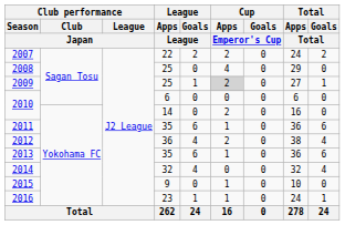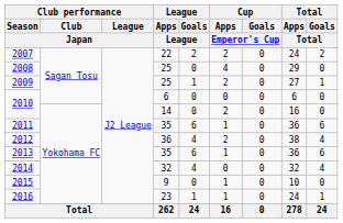 <table class="wikitable" style="text-align:center;">
 <tr>
 <th colspan=3>Club performance</th>
 <th colspan=2>League</th>
 <th colspan=2>Cup</th>
 <th colspan=2>Total</th>
 </tr>
 <tr>
 <th>Season</th>
 <th>Club</th>
 <th>League</th>
 <th>Apps</th>
 <th>Goals</th>
 <th>Apps</th>
 <th>Goals</th>
 <th>Apps</th>
 <th>Goals</th>
 </tr>
 <tr>
 <th colspan=3>Japan</th>
 <th colspan=2>League</th>
 <th colspan=2><a href='#'>Emperor's Cup</a></th>
 <th colspan=2>Total</th>
 </tr>
 <tr>
 <td><a href='#'>2007</a></td>
 <td rowspan="4"><a href='#'>Sagan Tosu</a></td>
 <td rowspan="11"><a href='#'>J2 League</a></td>
 <td>22</td>
 <td>2</td>
 <td>2</td>
 <td>0</td>
 <td>24</td>
 <td>2</td>
 </tr>
 <tr>
 <td><a href='#'>2008</a></td>
 <td>25</td>
 <td>0</td>
 <td>4</td>
 <td>0</td>
 <td>29</td>
 <td>0</td>
 </tr>
 <tr>
 <td><a href='#'>2009</a></td>
 <td>25</td>
 <td>1</td>
-<td style="background: lightgrey;">2</td>
+<td>2</td>
 <td>0</td>
 <td>27</td>
 <td>1</td>
 </tr>
 <tr>
 <td rowspan="2"><a href='#'>2010</a></td>
 <td>6</td>
 <td>0</td>
 <td>0</td>
 <td>0</td>
 <td>6</td>
 <td>0</td>
 </tr>
 <tr>
 <td rowspan="7"><a href='#'>Yokohama FC</a></td>
 <td>14</td>
 <td>0</td>
 <td>2</td>
 <td>0</td>
 <td>16</td>
 <td>0</td>
 </tr>
 <tr>
 <td><a href='#'>2011</a></td>
 <td>35</td>
 <td>6</td>
 <td>1</td>
 <td>0</td>
 <td>36</td>
 <td>6</td>
 </tr>
 <tr>
 <td><a href='#'>2012</a></td>
 <td>36</td>
 <td>4</td>
 <td>2</td>
 <td>0</td>
 <td>38</td>
 <td>4</td>
 </tr>
 <tr>
 <td><a href='#'>2013</a></td>
 <td>35</td>
 <td>6</td>
 <td>1</td>
 <td>0</td>
 <td>36</td>
 <td>6</td>
 </tr>
 <tr>
 <td><a href='#'>2014</a></td>
 <td>32</td>
 <td>4</td>
 <td>0</td>
 <td>0</td>
 <td>32</td>
 <td>4</td>
 </tr>
 <tr>
 <td><a href='#'>2015</a></td>
 <td>9</td>
 <td>0</td>
 <td>1</td>
 <td>0</td>
 <td>10</td>
 <td>0</td>
 </tr>
 <tr>
 <td><a href='#'>2016</a></td>
 <td>23</td>
 <td>1</td>
 <td>1</td>
 <td>0</td>
 <td>24</td>
 <td>1</td>
 </tr>
 <tr>
 <th colspan=3>Total</th>
 <th>262</th>
 <th>24</th>
 <th>16</th>
 <th>0</th>
 <th>278</th>
 <th>24</th>
 </tr>
 </table>
